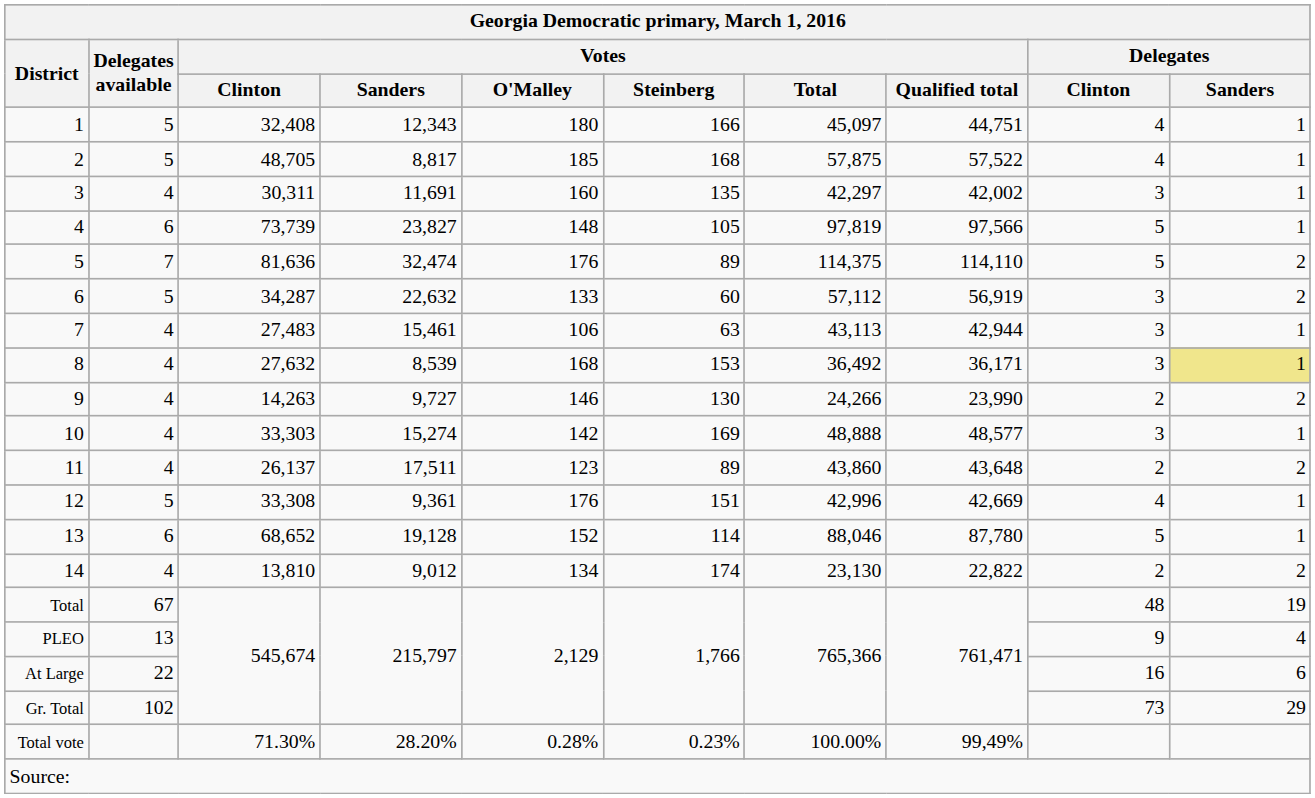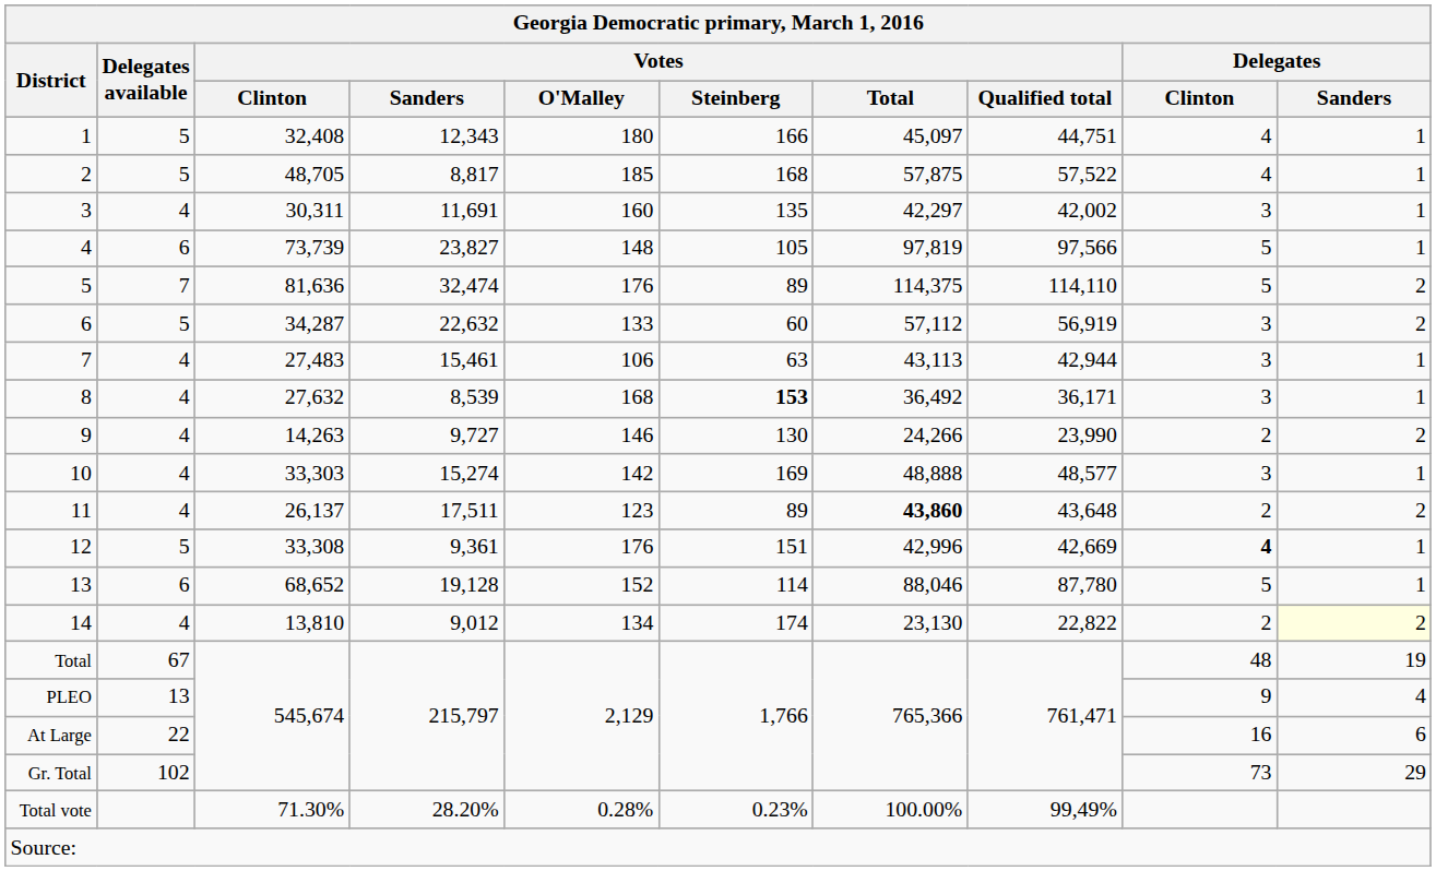 <table class="wikitable collapsible" cellpadding="5" style="text-align:right; font-size:12px;">
 <tr>
 <th colspan="10">Georgia Democratic primary, March 1, 2016</th>
 </tr>
 <tr>
 <th style="width:45px;" rowspan="2">District</th>
 <th style="width:45px;" rowspan="2">Delegates available</th>
 <th colspan="6">Votes</th>
 <th colspan="2">Delegates</th>
 </tr>
 <tr>
 <th style="width:80px;">Clinton</th>
 <th style="width:80px;">Sanders</th>
 <th style="width:80px;">O'Malley</th>
 <th style="width:80px;">Steinberg</th>
 <th style="width:80px;">Total</th>
 <th style="width:80px;">Qualified total</th>
 <th style="width:80px;">Clinton</th>
 <th style="width:80px;">Sanders</th>
 </tr>
 <tr>
 <td>1</td>
 <td>5</td>
 <td>32,408</td>
 <td>12,343</td>
 <td>180</td>
 <td>166</td>
 <td>45,097</td>
 <td>44,751</td>
 <td>4</td>
 <td>1</td>
 </tr>
 <tr>
 <td>2</td>
 <td>5</td>
 <td>48,705</td>
 <td>8,817</td>
 <td>185</td>
 <td>168</td>
 <td>57,875</td>
 <td>57,522</td>
 <td>4</td>
 <td>1</td>
 </tr>
 <tr>
 <td>3</td>
 <td>4</td>
 <td>30,311</td>
 <td>11,691</td>
 <td>160</td>
 <td>135</td>
 <td>42,297</td>
 <td>42,002</td>
 <td>3</td>
 <td>1</td>
 </tr>
 <tr>
 <td>4</td>
 <td>6</td>
 <td>73,739</td>
 <td>23,827</td>
 <td>148</td>
 <td>105</td>
 <td>97,819</td>
 <td>97,566</td>
 <td>5</td>
 <td>1</td>
 </tr>
 <tr>
 <td>5</td>
 <td>7</td>
 <td>81,636</td>
 <td>32,474</td>
 <td>176</td>
 <td>89</td>
 <td>114,375</td>
 <td>114,110</td>
 <td>5</td>
 <td>2</td>
 </tr>
 <tr>
 <td>6</td>
 <td>5</td>
 <td>34,287</td>
 <td>22,632</td>
 <td>133</td>
 <td>60</td>
 <td>57,112</td>
 <td>56,919</td>
 <td>3</td>
 <td>2</td>
 </tr>
 <tr>
 <td>7</td>
 <td>4</td>
 <td>27,483</td>
 <td>15,461</td>
 <td>106</td>
 <td>63</td>
 <td>43,113</td>
 <td>42,944</td>
 <td>3</td>
 <td>1</td>
 </tr>
 <tr>
 <td>8</td>
 <td>4</td>
 <td>27,632</td>
 <td>8,539</td>
 <td>168</td>
-<td>153</td>
+<td><strong>153</strong></td>
 <td>36,492</td>
 <td>36,171</td>
 <td>3</td>
-<td style="background: khaki;">1</td>
+<td>1</td>
 </tr>
 <tr>
 <td>9</td>
 <td>4</td>
 <td>14,263</td>
 <td>9,727</td>
 <td>146</td>
 <td>130</td>
 <td>24,266</td>
 <td>23,990</td>
 <td>2</td>
 <td>2</td>
 </tr>
 <tr>
 <td>10</td>
 <td>4</td>
 <td>33,303</td>
 <td>15,274</td>
 <td>142</td>
 <td>169</td>
 <td>48,888</td>
 <td>48,577</td>
 <td>3</td>
 <td>1</td>
 </tr>
 <tr>
 <td>11</td>
 <td>4</td>
 <td>26,137</td>
 <td>17,511</td>
 <td>123</td>
 <td>89</td>
-<td>43,860</td>
+<td><strong>43,860</strong></td>
 <td>43,648</td>
 <td>2</td>
 <td>2</td>
 </tr>
 <tr>
 <td>12</td>
 <td>5</td>
 <td>33,308</td>
 <td>9,361</td>
 <td>176</td>
 <td>151</td>
 <td>42,996</td>
 <td>42,669</td>
-<td>4</td>
+<td><strong>4</strong></td>
 <td>1</td>
 </tr>
 <tr>
 <td>13</td>
 <td>6</td>
 <td>68,652</td>
 <td>19,128</td>
 <td>152</td>
 <td>114</td>
 <td>88,046</td>
 <td>87,780</td>
 <td>5</td>
 <td>1</td>
 </tr>
 <tr>
 <td>14</td>
 <td>4</td>
 <td>13,810</td>
 <td>9,012</td>
 <td>134</td>
 <td>174</td>
 <td>23,130</td>
 <td>22,822</td>
 <td>2</td>
-<td>2</td>
+<td style="background: lightyellow;">2</td>
 </tr>
 <tr>
 <td><small>Total</small></td>
 <td>67</td>
 <td rowspan="4">545,674</td>
 <td rowspan="4">215,797</td>
 <td rowspan="4">2,129</td>
 <td rowspan="4">1,766</td>
 <td rowspan="4">765,366</td>
 <td rowspan="4">761,471</td>
 <td>48</td>
 <td>19</td>
 </tr>
 <tr>
 <td><small>PLEO</small></td>
 <td>13</td>
 <td>9</td>
 <td>4</td>
 </tr>
 <tr>
 <td><small>At Large</small></td>
 <td>22</td>
 <td>16</td>
 <td>6</td>
 </tr>
 <tr>
 <td><small>Gr. Total</small></td>
 <td>102</td>
 <td>73</td>
 <td>29</td>
 </tr>
 <tr>
 <td><small>Total vote</small></td>
 <td></td>
 <td>71.30%</td>
 <td>28.20%</td>
 <td>0.28%</td>
 <td>0.23%</td>
 <td>100.00%</td>
 <td>99,49%</td>
 <td></td>
 <td></td>
 </tr>
 <tr>
 <td colspan="10" style="text-align:left;">Source: <em></em></td>
 </tr>
 </table>
